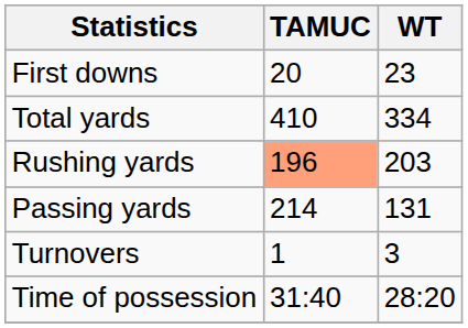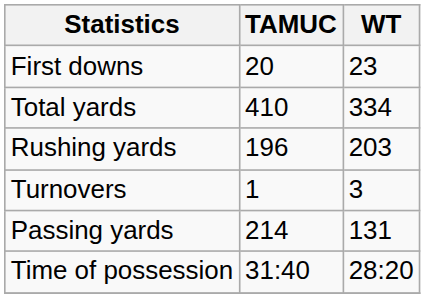 <table class="wikitable">
 <tr>
 <th>Statistics</th>
 <th>TAMUC</th>
 <th>WT</th>
 </tr>
 <tr>
 <td>First downs</td>
 <td>20</td>
 <td>23</td>
 </tr>
 <tr>
 <td>Total yards</td>
 <td>410</td>
 <td>334</td>
 </tr>
 <tr>
 <td>Rushing yards</td>
-<td style="background: lightsalmon;">196</td>
+<td>196</td>
 <td>203</td>
+</tr>
+<tr>
+<td>Turnovers</td>
+<td>1</td>
+<td>3</td>
 </tr>
 <tr>
 <td>Passing yards</td>
 <td>214</td>
 <td>131</td>
-</tr>
-<tr>
-<td>Turnovers</td>
-<td>1</td>
-<td>3</td>
 </tr>
 <tr>
 <td>Time of possession</td>
 <td>31:40</td>
 <td>28:20</td>
 </tr>
 <tr>
 </tr>
 </table>
